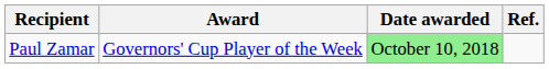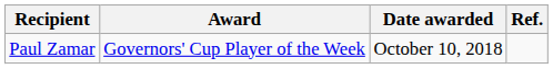 <table class="wikitable sortable sortable" style="text-align: center">
 <tr>
 <th>Recipient</th>
 <th>Award</th>
 <th>Date awarded</th>
 <th>Ref.</th>
 </tr>
 <tr>
 <td><a href='#'>Paul Zamar</a></td>
 <td rowspan=2><a href='#'>Governors' Cup Player of the Week</a></td>
-<td style="background: lightgreen;">October 10, 2018</td>
+<td>October 10, 2018</td>
 <td align=center></td>
 </tr>
 </table>
